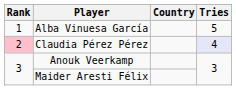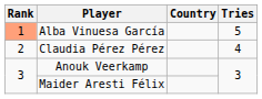 <table class="wikitable" style="text-align:center">
 <tr>
 <th>Rank</th>
 <th>Player</th>
 <th>Country</th>
 <th>Tries</th>
 </tr>
 <tr>
-<td>1</td>
+<td style="background: lightsalmon;">1</td>
 <td>Alba Vinuesa García</td>
 <td></td>
 <td>5</td>
 </tr>
 <tr>
-<td style="background: pink;">2</td>
+<td>2</td>
 <td>Claudia Pérez Pérez</td>
 <td></td>
-<td style="background: lavender;">4</td>
+<td>4</td>
 </tr>
 <tr>
 <td rowspan=2>3</td>
 <td>Anouk Veerkamp</td>
 <td></td>
 <td rowspan=2>3</td>
 </tr>
 <tr>
 <td>Maider Aresti Félix</td>
 <td></td>
 </tr>
 </table>
